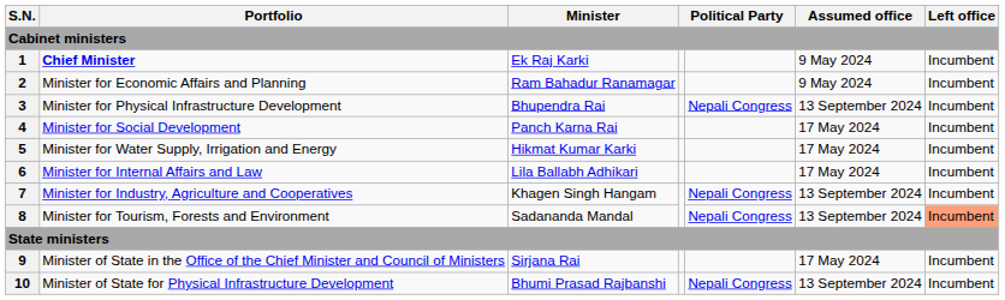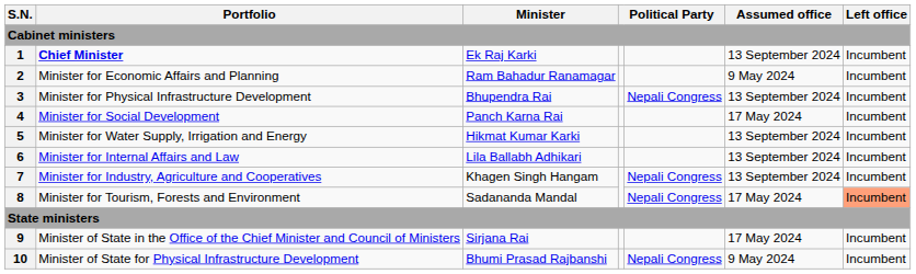 <table class="wikitable">
 <tr>
 <th>S.N.</th>
 <th>Portfolio</th>
 <th>Minister<br></th>
 <th colspan="2">Political Party</th>
 <th>Assumed office</th>
 <th>Left office</th>
 </tr>
 <tr>
 <td colspan="7" bgcolor="darkgrey"><strong>Cabinet ministers</strong></td>
 </tr>
 <tr>
 <th>1</th>
 <td><strong><a href='#'>Chief Minister</a><br></strong></td>
 <td><a href='#'>Ek Raj Karki</a><br></td>
 <td></td>
 <td></td>
-<td>9 May 2024</td>
+<td>13 September 2024</td>
 <td>Incumbent</td>
 </tr>
 <tr>
 <th>2</th>
 <td>Minister for Economic Affairs and Planning</td>
 <td><a href='#'>Ram Bahadur Ranamagar</a><br></td>
 <td></td>
 <td></td>
 <td>9 May 2024</td>
 <td>Incumbent</td>
 </tr>
 <tr>
 <th>3</th>
 <td>Minister for Physical Infrastructure Development</td>
 <td><a href='#'>Bhupendra Rai</a><br></td>
 <td></td>
 <td><a href='#'>Nepali Congress</a></td>
 <td>13 September 2024</td>
 <td>Incumbent</td>
 </tr>
 <tr>
 <th>4</th>
 <td><a href='#'>Minister for Social Development</a></td>
 <td><a href='#'>Panch Karna Rai</a><br></td>
 <td></td>
 <td></td>
 <td>17 May 2024</td>
 <td>Incumbent</td>
 </tr>
 <tr>
 <th>5</th>
 <td>Minister for Water Supply, Irrigation and Energy</td>
 <td><a href='#'>Hikmat Kumar Karki</a><br></td>
 <td></td>
 <td></td>
-<td>17 May 2024</td>
+<td>13 September 2024</td>
 <td>Incumbent</td>
 </tr>
 <tr>
 <th>6</th>
 <td><a href='#'>Minister for Internal Affairs and Law</a></td>
 <td><a href='#'>Lila Ballabh Adhikari</a><br></td>
 <td></td>
 <td></td>
-<td>17 May 2024</td>
+<td>13 September 2024</td>
 <td>Incumbent</td>
 </tr>
 <tr>
 <th>7</th>
 <td><a href='#'>Minister for Industry, Agriculture and Cooperatives</a></td>
 <td>Khagen Singh Hangam<br></td>
 <td rowspan="2"></td>
 <td><a href='#'>Nepali Congress</a></td>
 <td>13 September 2024</td>
 <td>Incumbent</td>
 </tr>
 <tr>
 <th>8</th>
 <td>Minister for Tourism, Forests and Environment</td>
 <td>Sadananda Mandal<br></td>
 <td><a href='#'>Nepali Congress</a></td>
-<td>13 September 2024</td>
+<td>17 May 2024</td>
 <td style="background: lightsalmon;">Incumbent</td>
 </tr>
 <tr>
 <td colspan="7" bgcolor="darkgrey"><strong>State ministers</strong></td>
 </tr>
 <tr>
 <th>9</th>
 <td>Minister of State in the <a href='#'>Office of the Chief Minister and Council of Ministers</a></td>
 <td><a href='#'>Sirjana Rai</a><br></td>
 <td></td>
 <td></td>
 <td>17 May 2024</td>
 <td>Incumbent</td>
 </tr>
 <tr>
 <th>10</th>
 <td>Minister of State for <a href='#'>Physical Infrastructure Development</a></td>
 <td><a href='#'>Bhumi Prasad Rajbanshi</a><br></td>
 <td></td>
 <td><a href='#'>Nepali Congress</a></td>
-<td>13 September 2024</td>
+<td>9 May 2024</td>
 <td>Incumbent</td>
 </tr>
 </table>
